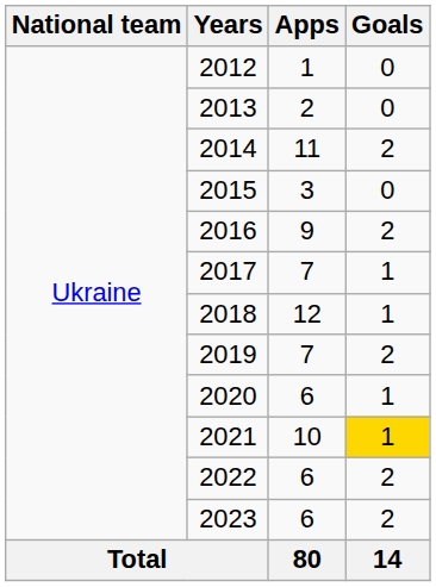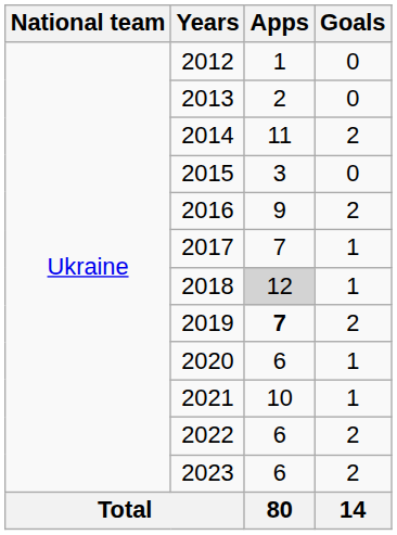 <table class="wikitable" style="text-align:center;">
 <tr>
 <th>National team</th>
 <th>Years</th>
 <th>Apps</th>
 <th>Goals</th>
 </tr>
 <tr>
 <td rowspan=12><a href='#'>Ukraine</a></td>
 <td>2012</td>
 <td>1</td>
 <td>0</td>
 </tr>
 <tr>
 <td>2013</td>
 <td>2</td>
 <td>0</td>
 </tr>
 <tr>
 <td>2014</td>
 <td>11</td>
 <td>2</td>
 </tr>
 <tr>
 <td>2015</td>
 <td>3</td>
 <td>0</td>
 </tr>
 <tr>
 <td>2016</td>
 <td>9</td>
 <td>2</td>
 </tr>
 <tr>
 <td>2017</td>
 <td>7</td>
 <td>1</td>
 </tr>
 <tr>
 <td>2018</td>
-<td>12</td>
+<td style="background: lightgrey;">12</td>
 <td>1</td>
 </tr>
 <tr>
 <td>2019</td>
-<td>7</td>
+<td><strong>7</strong></td>
 <td>2</td>
 </tr>
 <tr>
 <td>2020</td>
 <td>6</td>
 <td>1</td>
 </tr>
 <tr>
 <td>2021</td>
 <td>10</td>
-<td style="background: gold;">1</td>
+<td>1</td>
 </tr>
 <tr>
 <td>2022</td>
 <td>6</td>
 <td>2</td>
 </tr>
 <tr>
 <td>2023</td>
 <td>6</td>
 <td>2</td>
 </tr>
 <tr>
 <th colspan=2>Total</th>
 <th>80</th>
 <th>14</th>
 </tr>
 </table>
